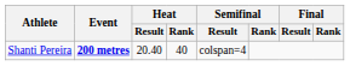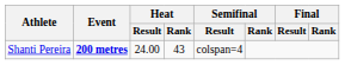 <table class="wikitable" style="font-size:90%">
 <tr>
 <th rowspan="2">Athlete</th>
 <th rowspan="2">Event</th>
 <th colspan="2">Heat</th>
 <th colspan="2">Semifinal</th>
 <th colspan="2">Final</th>
 </tr>
 <tr style="font-size:95%">
 <th>Result</th>
 <th>Rank</th>
 <th>Result</th>
 <th>Rank</th>
 <th>Result</th>
 <th>Rank</th>
 </tr>
 <tr style=text-align:center>
 <td style=text-align:left><a href='#'>Shanti Pereira</a></td>
 <td style=text-align:left><strong><a href='#'>200 metres</a></strong></td>
-<td>20.40</td>
-<td>40</td>
+<td>24.00</td>
+<td>43</td>
 <td>colspan=4 </td>
 </tr>
 </table>
